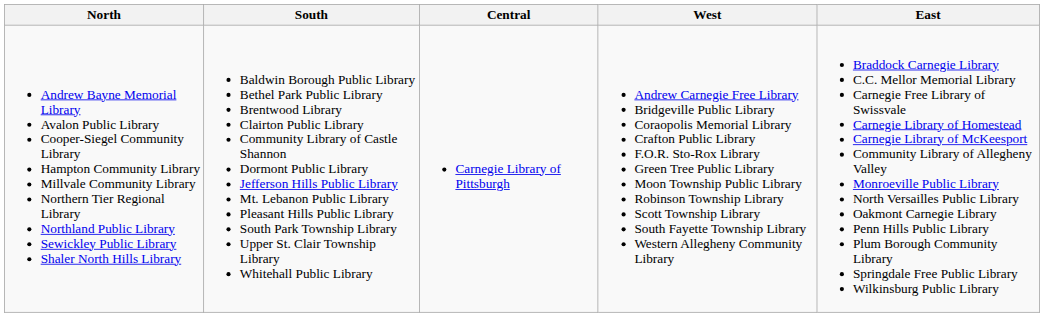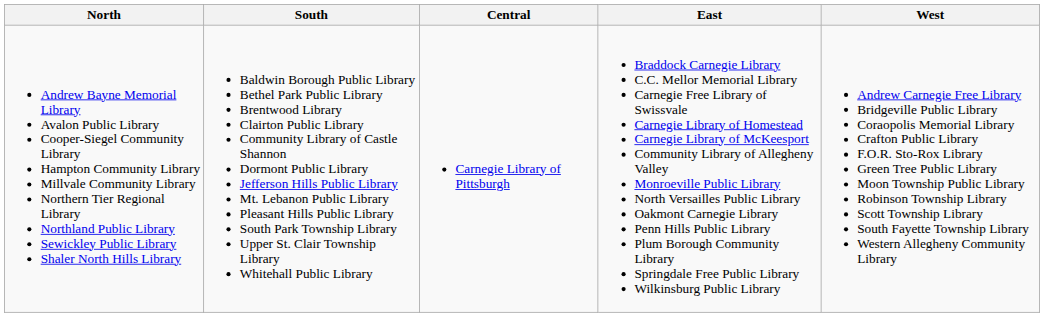 <table class="wikitable">
 <tr>
 <th>North</th>
 <th>South</th>
 <th>Central</th>
+<th>East</th>
 <th>West</th>
-<th>East</th>
 </tr>
 <tr>
 <td><br><ul><li><a href='#'>Andrew Bayne Memorial Library</a></li><li>Avalon Public Library</li><li>Cooper-Siegel Community Library</li><li>Hampton Community Library</li><li>Millvale Community Library</li><li>Northern Tier Regional Library</li><li><a href='#'>Northland Public Library</a></li><li><a href='#'>Sewickley Public Library</a></li><li><a href='#'>Shaler North Hills Library</a></li></ul></td>
 <td><br><ul><li>Baldwin Borough Public Library</li><li>Bethel Park Public Library</li><li>Brentwood Library</li><li>Clairton Public Library</li><li>Community Library of Castle Shannon</li><li>Dormont Public Library</li><li><a href='#'>Jefferson Hills Public Library</a></li><li>Mt. Lebanon Public Library</li><li>Pleasant Hills Public Library</li><li>South Park Township Library</li><li>Upper St. Clair Township Library</li><li>Whitehall Public Library</li></ul></td>
 <td><br><ul><li><a href='#'>Carnegie Library of Pittsburgh</a></li></ul></td>
+<td><br><ul><li><a href='#'>Braddock Carnegie Library</a></li><li>C.C. Mellor Memorial Library</li><li>Carnegie Free Library of Swissvale</li><li><a href='#'>Carnegie Library of Homestead</a></li><li><a href='#'>Carnegie Library of McKeesport</a></li><li>Community Library of Allegheny Valley</li><li><a href='#'>Monroeville Public Library</a></li><li>North Versailles Public Library</li><li>Oakmont Carnegie Library</li><li>Penn Hills Public Library</li><li>Plum Borough Community Library</li><li>Springdale Free Public Library</li><li>Wilkinsburg Public Library</li></ul></td>
 <td><br><ul><li><a href='#'>Andrew Carnegie Free Library</a></li><li>Bridgeville Public Library</li><li>Coraopolis Memorial Library</li><li>Crafton Public Library</li><li>F.O.R. Sto-Rox Library</li><li>Green Tree Public Library</li><li>Moon Township Public Library</li><li>Robinson Township Library</li><li>Scott Township Library</li><li>South Fayette Township Library</li><li>Western Allegheny Community  Library</li></ul></td>
-<td><br><ul><li><a href='#'>Braddock Carnegie Library</a></li><li>C.C. Mellor Memorial Library</li><li>Carnegie Free Library of Swissvale</li><li><a href='#'>Carnegie Library of Homestead</a></li><li><a href='#'>Carnegie Library of McKeesport</a></li><li>Community Library of Allegheny Valley</li><li><a href='#'>Monroeville Public Library</a></li><li>North Versailles Public Library</li><li>Oakmont Carnegie Library</li><li>Penn Hills Public Library</li><li>Plum Borough Community Library</li><li>Springdale Free Public Library</li><li>Wilkinsburg Public Library</li></ul></td>
 </tr>
 </table>
